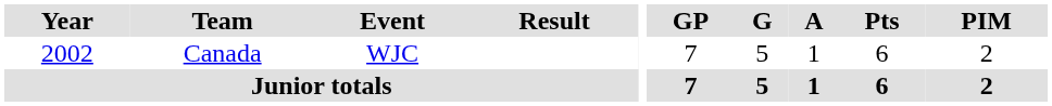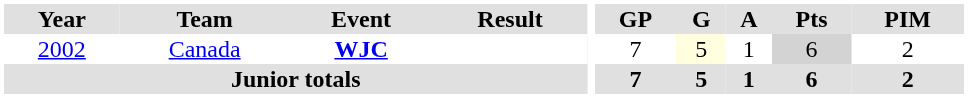 <table border="0" cellpadding="1" cellspacing="0" ID="Table3" style="text-align:center; width:40em">
 <tr ALIGN="center" bgcolor="#e0e0e0">
 <th>Year</th>
 <th>Team</th>
 <th>Event</th>
 <th>Result</th>
 <th rowspan="99" bgcolor="#ffffff"></th>
 <th>GP</th>
 <th>G</th>
 <th>A</th>
 <th>Pts</th>
 <th>PIM</th>
 </tr>
 <tr>
 <td><a href='#'>2002</a></td>
 <td><a href='#'>Canada</a></td>
-<td><a href='#'>WJC</a></td>
+<td><strong><a href='#'>WJC</a></strong></td>
 <td></td>
 <td>7</td>
-<td>5</td>
+<td style="background: lightyellow;">5</td>
 <td>1</td>
-<td>6</td>
+<td style="background: lightgrey;">6</td>
 <td>2</td>
 </tr>
 <tr bgcolor="#e0e0e0">
 <th colspan=4>Junior totals</th>
 <th>7</th>
 <th>5</th>
 <th>1</th>
 <th>6</th>
 <th>2</th>
 </tr>
 </table>
